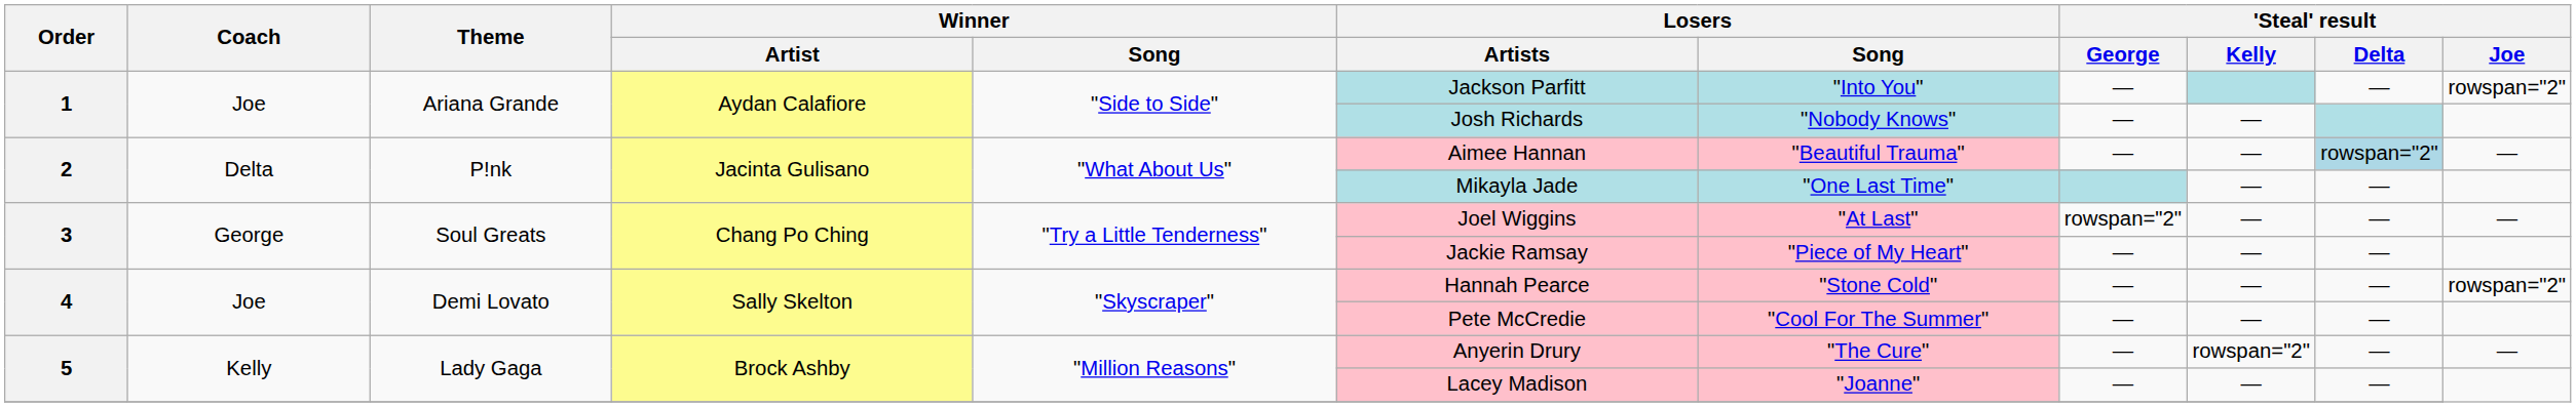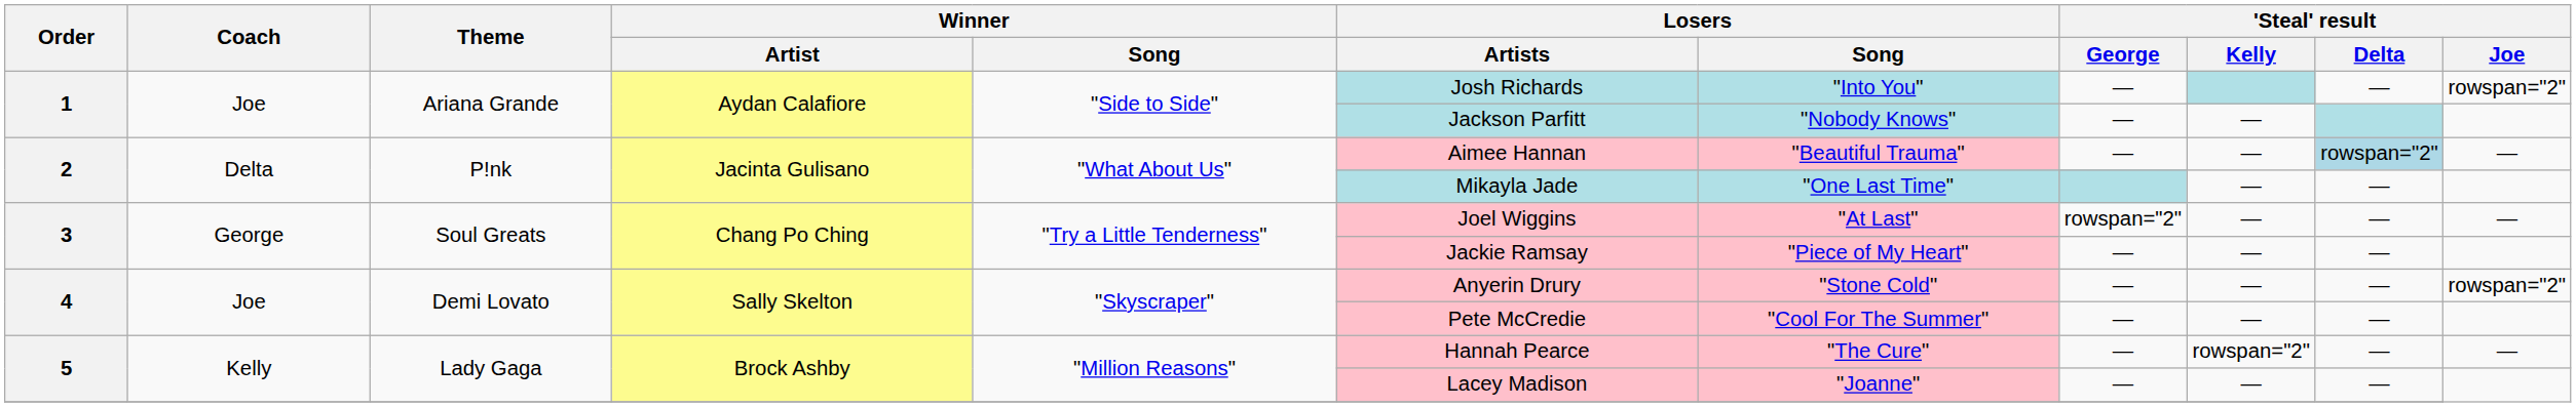 <table class="wikitable" style="text-align: center; width: auto;">
 <tr>
 <th rowspan="2" style="width:5%;">Order</th>
 <th rowspan="2" style="width:10%;">Coach</th>
 <th rowspan="2" style="width:10%;">Theme</th>
 <th colspan="2" style="width:15%;">Winner</th>
 <th colspan="2" style="width:60%;">Losers</th>
 <th colspan="4" style="width:20%;">'Steal' result</th>
 </tr>
 <tr>
 <th style="width:15%;">Artist</th>
 <th style="width:15%;">Song</th>
 <th style="width:15%;">Artists</th>
 <th style="width:15%;">Song</th>
 <th style="width:5%;"><a href='#'>George</a></th>
 <th style="width:5%;"><a href='#'>Kelly</a></th>
 <th style="width:5%;"><a href='#'>Delta</a></th>
 <th style="width:5%;"><a href='#'>Joe</a></th>
 </tr>
 <tr>
 <th rowspan="2">1</th>
 <td rowspan="2">Joe</td>
 <td rowspan="2">Ariana Grande</td>
 <td rowspan="2" bgcolor="#fdfc8f">Aydan Calafiore</td>
 <td rowspan="2">"<a href='#'>Side to Side</a>"</td>
-<td bgcolor="#B0E0E6">Jackson Parfitt</td>
+<td bgcolor="#B0E0E6">Josh Richards</td>
 <td bgcolor="#B0E0E6">"<a href='#'>Into You</a>"</td>
 <td>—</td>
 <td style="background-color:#B0E0E6;"> <strong></strong> </td>
 <td>—</td>
 <td>rowspan="2" </td>
 </tr>
 <tr>
-<td bgcolor="#B0E0E6">Josh Richards</td>
+<td bgcolor="#B0E0E6">Jackson Parfitt</td>
 <td bgcolor="#B0E0E6">"<a href='#'>Nobody Knows</a>"</td>
 <td>—</td>
 <td>—</td>
 <td style="background-color:#B0E0E6;"> <strong></strong> </td>
 </tr>
 <tr>
 <th rowspan="2">2</th>
 <td rowspan="2">Delta</td>
 <td rowspan="2">P!nk</td>
 <td rowspan="2" bgcolor="#fdfc8f">Jacinta Gulisano</td>
 <td rowspan="2">"<a href='#'>What About Us</a>"</td>
 <td bgcolor="pink">Aimee Hannan</td>
 <td bgcolor="pink">"<a href='#'>Beautiful Trauma</a>"</td>
 <td>—</td>
 <td>—</td>
 <td style="background: lightblue;">rowspan="2" </td>
 <td>—</td>
 </tr>
 <tr>
 <td bgcolor="#B0E0E6">Mikayla Jade</td>
 <td bgcolor="#B0E0E6">"<a href='#'>One Last Time</a>"</td>
 <td style="background-color:#B0E0E6;"> <strong></strong> </td>
 <td>—</td>
 <td>—</td>
 </tr>
 <tr>
 <th rowspan="2">3</th>
 <td rowspan="2">George</td>
 <td rowspan="2">Soul Greats</td>
 <td rowspan="2" bgcolor="#fdfc8f">Chang Po Ching</td>
 <td rowspan="2">"<a href='#'>Try a Little Tenderness</a>"</td>
 <td bgcolor="pink">Joel Wiggins</td>
 <td bgcolor="pink">"<a href='#'>At Last</a>"</td>
 <td>rowspan="2" </td>
 <td>—</td>
 <td>—</td>
 <td>—</td>
 </tr>
 <tr>
 <td bgcolor="pink">Jackie Ramsay</td>
 <td bgcolor="pink">"<a href='#'>Piece of My Heart</a>"</td>
 <td>—</td>
 <td>—</td>
 <td>—</td>
 </tr>
 <tr>
 <th rowspan="2">4</th>
 <td rowspan="2">Joe</td>
 <td rowspan="2">Demi Lovato</td>
 <td rowspan="2" bgcolor="#fdfc8f">Sally Skelton</td>
 <td rowspan="2">"<a href='#'>Skyscraper</a>"</td>
-<td bgcolor="pink">Hannah Pearce</td>
+<td bgcolor="pink">Anyerin Drury</td>
 <td bgcolor="pink">"<a href='#'>Stone Cold</a>"</td>
 <td>—</td>
 <td>—</td>
 <td>—</td>
 <td>rowspan="2" </td>
 </tr>
 <tr>
 <td bgcolor="pink">Pete McCredie</td>
 <td bgcolor="pink">"<a href='#'>Cool For The Summer</a>"</td>
 <td>—</td>
 <td>—</td>
 <td>—</td>
 </tr>
 <tr>
 <th rowspan="2">5</th>
 <td rowspan="2">Kelly</td>
 <td rowspan="2">Lady Gaga</td>
 <td rowspan="2" bgcolor="#fdfc8f">Brock Ashby</td>
 <td rowspan="2">"<a href='#'>Million Reasons</a>"</td>
-<td bgcolor="pink">Anyerin Drury</td>
+<td bgcolor="pink">Hannah Pearce</td>
 <td bgcolor="pink">"<a href='#'>The Cure</a>"</td>
 <td>—</td>
 <td>rowspan="2" </td>
 <td>—</td>
 <td>—</td>
 </tr>
 <tr>
 <td bgcolor="pink">Lacey Madison</td>
 <td bgcolor="pink">"<a href='#'>Joanne</a>"</td>
 <td>—</td>
 <td>—</td>
 <td>—</td>
 </tr>
 <tr>
 </tr>
 </table>
